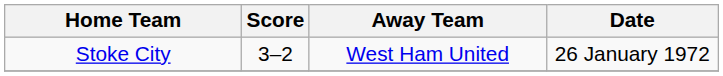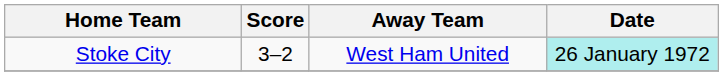 <table class="wikitable" style="text-align:center;">
 <tr>
 <th width=175>Home Team</th>
 <th width=20>Score</th>
 <th width=175>Away Team</th>
 <th width=125>Date</th>
 </tr>
 <tr>
 <td><a href='#'>Stoke City</a></td>
 <td>3–2</td>
 <td><a href='#'>West Ham United</a></td>
-<td>26 January 1972</td>
+<td style="background: paleturquoise;">26 January 1972</td>
 </tr>
 <tr>
 </tr>
 </table>
